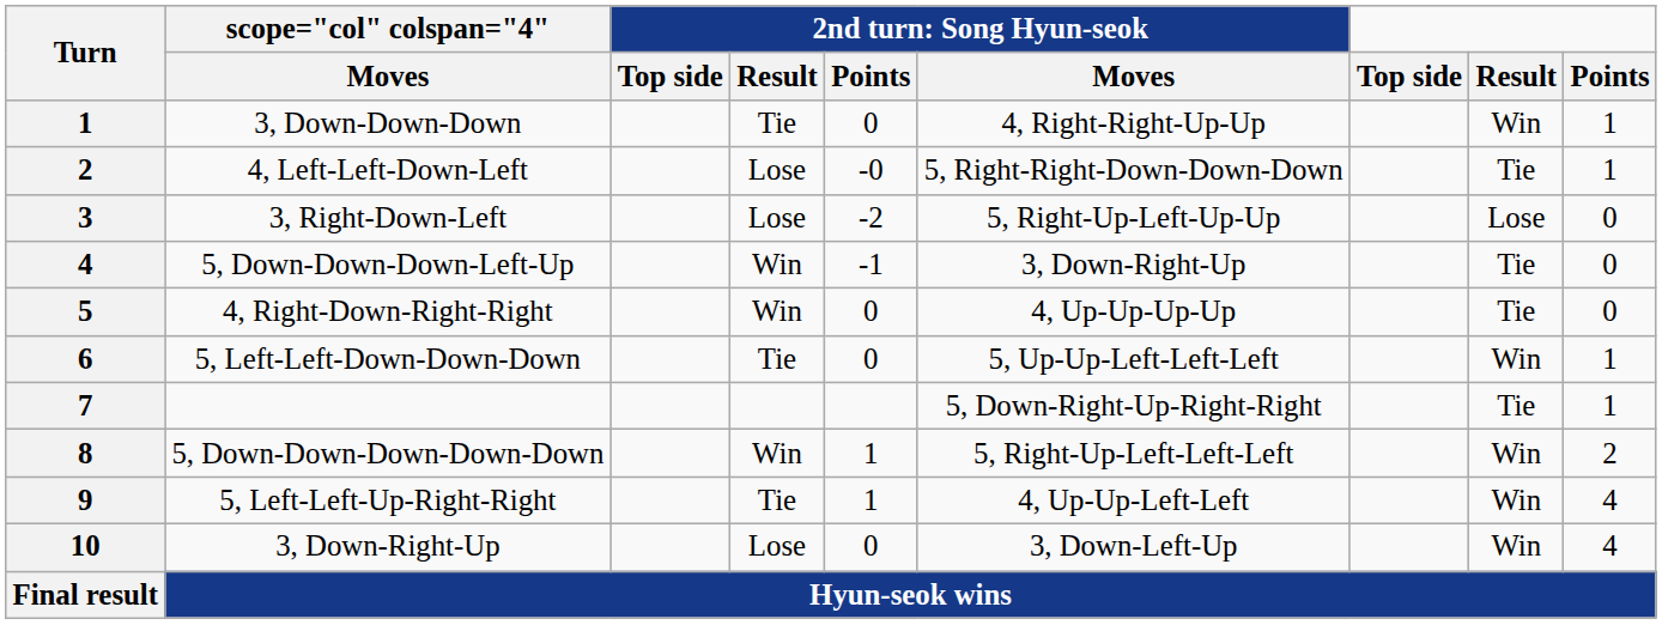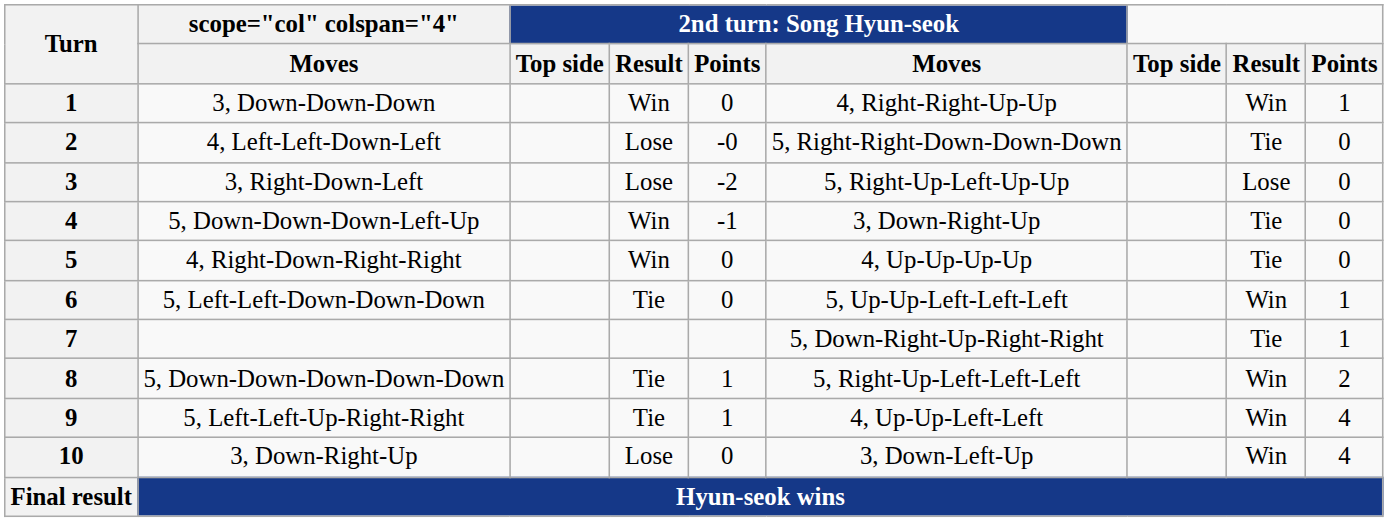 <table class="wikitable" style="text-align:center">
 <tr>
 <th scope="col" rowspan="2">Turn</th>
 <th>scope="col" colspan="4"  </th>
 <th scope="col" colspan="4" style="background-color:#153888; color:white">2nd turn: Song Hyun-seok</th>
 </tr>
 <tr>
 <th scope="col">Moves</th>
 <th scope="col">Top side</th>
 <th scope="col">Result</th>
 <th scope="col">Points</th>
 <th scope="col">Moves</th>
 <th scope="col">Top side</th>
 <th scope="col">Result</th>
 <th scope="col">Points</th>
 </tr>
 <tr>
 <th scope="row">1</th>
 <td>3, Down-Down-Down</td>
 <td></td>
-<td>Tie</td>
+<td>Win</td>
 <td>0</td>
 <td>4, Right-Right-Up-Up</td>
 <td></td>
 <td>Win</td>
 <td>1</td>
 </tr>
 <tr>
 <th scope="row">2</th>
 <td>4, Left-Left-Down-Left</td>
 <td></td>
 <td>Lose</td>
 <td>-0</td>
 <td>5, Right-Right-Down-Down-Down</td>
 <td></td>
 <td>Tie</td>
-<td>1</td>
+<td>0</td>
 </tr>
 <tr>
 <th scope="row">3</th>
 <td>3, Right-Down-Left</td>
 <td></td>
 <td>Lose</td>
 <td>-2</td>
 <td>5, Right-Up-Left-Up-Up</td>
 <td></td>
 <td>Lose</td>
 <td>0</td>
 </tr>
 <tr>
 <th scope="row">4</th>
 <td>5, Down-Down-Down-Left-Up</td>
 <td></td>
 <td>Win</td>
 <td>-1</td>
 <td>3, Down-Right-Up</td>
 <td></td>
 <td>Tie</td>
 <td>0</td>
 </tr>
 <tr>
 <th scope="row">5</th>
 <td>4, Right-Down-Right-Right</td>
 <td></td>
 <td>Win</td>
 <td>0</td>
 <td>4, Up-Up-Up-Up</td>
 <td></td>
 <td>Tie</td>
 <td>0</td>
 </tr>
 <tr>
 <th scope="row">6</th>
 <td>5, Left-Left-Down-Down-Down</td>
 <td></td>
 <td>Tie</td>
 <td>0</td>
 <td>5, Up-Up-Left-Left-Left</td>
 <td></td>
 <td>Win</td>
 <td>1</td>
 </tr>
 <tr>
 <th scope="row">7</th>
 <td></td>
 <td></td>
 <td></td>
 <td></td>
 <td>5, Down-Right-Up-Right-Right</td>
 <td></td>
 <td>Tie</td>
 <td>1</td>
 </tr>
 <tr>
 <th scope="row">8</th>
 <td>5, Down-Down-Down-Down-Down</td>
 <td></td>
-<td>Win</td>
+<td>Tie</td>
 <td>1</td>
 <td>5, Right-Up-Left-Left-Left</td>
 <td></td>
 <td>Win</td>
 <td>2</td>
 </tr>
 <tr>
 <th scope="row">9</th>
 <td>5, Left-Left-Up-Right-Right</td>
 <td></td>
 <td>Tie</td>
 <td>1</td>
 <td>4, Up-Up-Left-Left</td>
 <td></td>
 <td>Win</td>
 <td>4</td>
 </tr>
 <tr>
 <th scope="row">10</th>
 <td>3, Down-Right-Up</td>
 <td></td>
 <td>Lose</td>
 <td>0</td>
 <td>3, Down-Left-Up</td>
 <td></td>
 <td>Win</td>
 <td>4</td>
 </tr>
 <tr>
 <th scope="row">Final result</th>
 <td colspan="8" style="background-color:#153888; color:white"><strong>Hyun-seok wins</strong></td>
 </tr>
 </table>
